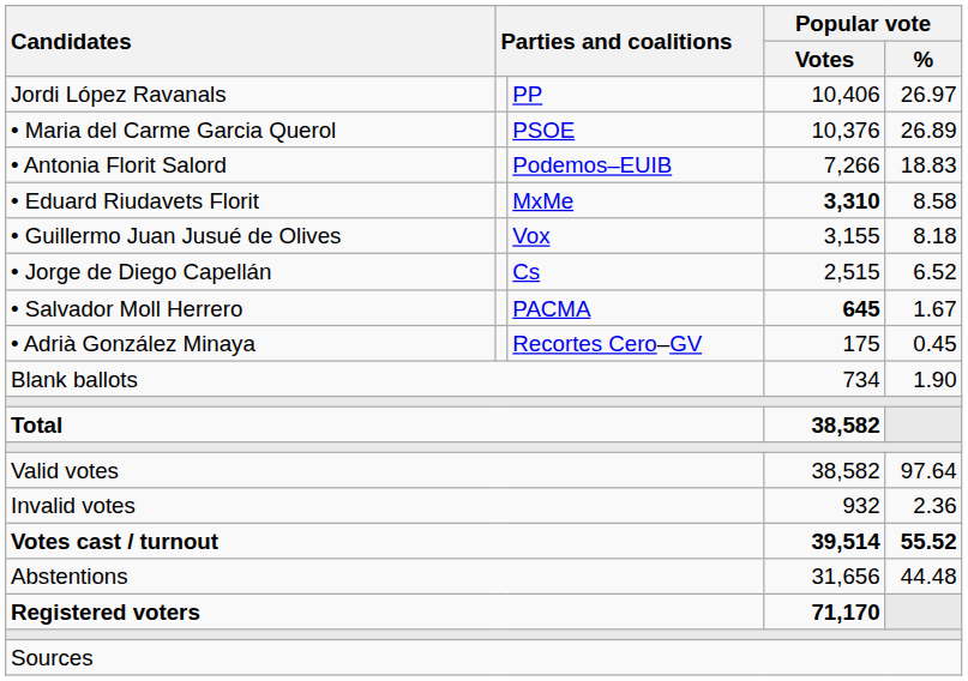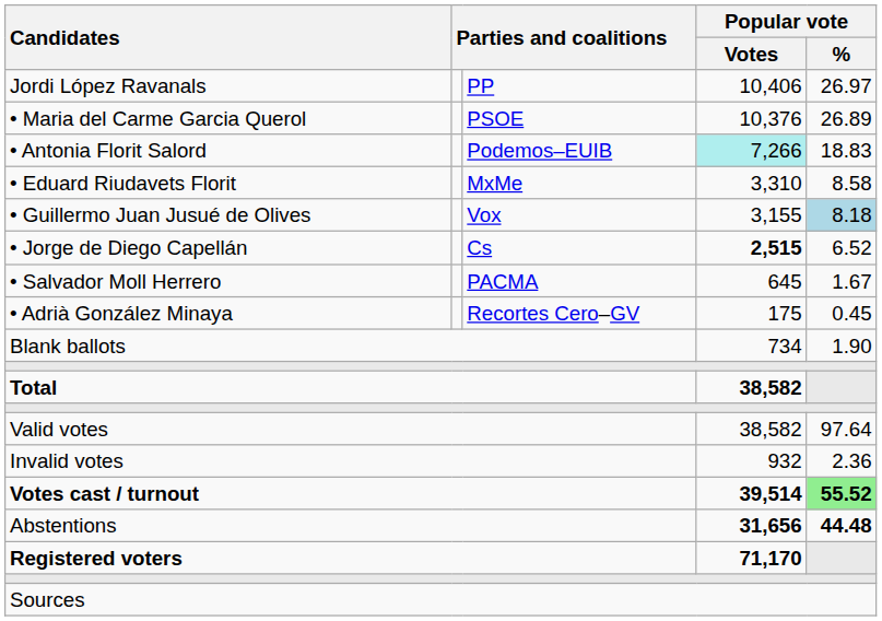 <table class="wikitable" style="text-align:right; font-size:95%;">
 <tr>
 <th style="text-align:left;" rowspan="2" width="325">Candidates</th>
 <th style="text-align:left;" rowspan="2" colspan="2" width="175">Parties and coalitions</th>
 <th colspan="2">Popular vote</th>
 </tr>
 <tr>
 <th width="75">Votes</th>
 <th width="45">%</th>
 </tr>
 <tr>
 <td align="left"> Jordi López Ravanals</td>
 <td width="1" style="color:inherit;background:"></td>
 <td align="left"><a href='#'>PP</a></td>
 <td>10,406</td>
 <td>26.97</td>
 </tr>
 <tr>
 <td align="left">• Maria del Carme Garcia Querol</td>
 <td style="color:inherit;background:"></td>
 <td align="left"><a href='#'>PSOE</a></td>
 <td>10,376</td>
 <td>26.89</td>
 </tr>
 <tr>
 <td align="left">• Antonia Florit Salord</td>
 <td style="color:inherit;background:"></td>
 <td align="left"><a href='#'>Podemos–EUIB</a></td>
-<td>7,266</td>
+<td style="background: paleturquoise;">7,266</td>
 <td>18.83</td>
 </tr>
 <tr>
 <td align="left">• Eduard Riudavets Florit</td>
 <td style="color:inherit;background:"></td>
 <td align="left"><a href='#'>MxMe</a></td>
-<td><strong>3,310</strong></td>
+<td>3,310</td>
 <td>8.58</td>
 </tr>
 <tr>
 <td align="left">• Guillermo Juan Jusué de Olives</td>
 <td style="color:inherit;background:"></td>
 <td align="left"><a href='#'>Vox</a></td>
 <td>3,155</td>
-<td>8.18</td>
+<td style="background: lightblue;">8.18</td>
 </tr>
 <tr>
 <td align="left">• Jorge de Diego Capellán</td>
 <td style="color:inherit;background:"></td>
 <td align="left"><a href='#'>Cs</a></td>
-<td>2,515</td>
+<td><strong>2,515</strong></td>
 <td>6.52</td>
 </tr>
 <tr>
 <td align="left">• Salvador Moll Herrero</td>
 <td style="color:inherit;background:"></td>
 <td align="left"><a href='#'>PACMA</a></td>
-<td><strong>645</strong></td>
+<td>645</td>
 <td>1.67</td>
 </tr>
 <tr>
 <td align="left">• Adrià González Minaya</td>
 <td style="color:inherit;background:"></td>
 <td align="left"><a href='#'>Recortes Cero</a>–<a href='#'>GV</a></td>
 <td>175</td>
 <td>0.45</td>
 </tr>
 <tr>
 <td align="left" colspan="3">Blank ballots</td>
 <td>734</td>
 <td>1.90</td>
 </tr>
 <tr>
 <td colspan="5" bgcolor="#E9E9E9"></td>
 </tr>
 <tr style="font-weight:bold;">
 <td align="left" colspan="3">Total</td>
 <td>38,582</td>
 <td bgcolor="#E9E9E9"></td>
 </tr>
 <tr>
 <td colspan="5" bgcolor="#E9E9E9"></td>
 </tr>
 <tr>
 <td align="left" colspan="3">Valid votes</td>
 <td>38,582</td>
 <td>97.64</td>
 </tr>
 <tr>
 <td align="left" colspan="3">Invalid votes</td>
 <td>932</td>
 <td>2.36</td>
 </tr>
 <tr style="font-weight:bold;">
 <td align="left" colspan="3">Votes cast / turnout</td>
 <td>39,514</td>
-<td>55.52</td>
+<td style="background: lightgreen;">55.52</td>
 </tr>
 <tr>
 <td align="left" colspan="3">Abstentions</td>
-<td>31,656</td>
-<td>44.48</td>
+<td><strong>31,656</strong></td>
+<td><strong>44.48</strong></td>
 </tr>
 <tr style="font-weight:bold;">
 <td align="left" colspan="3">Registered voters</td>
 <td>71,170</td>
 <td bgcolor="#E9E9E9"></td>
 </tr>
 <tr>
 <td colspan="5" bgcolor="#E9E9E9"></td>
 </tr>
 <tr>
 <td align="left" colspan="5">Sources</td>
 </tr>
 </table>
